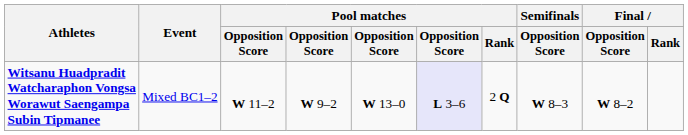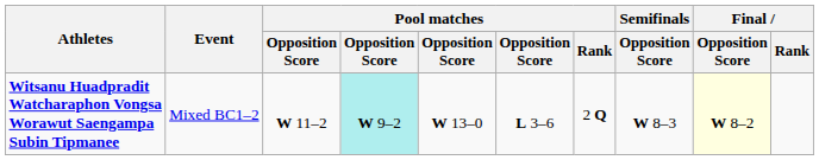 <table class=wikitable style="font-size:90%">
 <tr>
 <th rowspan="2">Athletes</th>
 <th rowspan="2">Event</th>
 <th colspan="5">Pool matches</th>
 <th>Semifinals</th>
 <th colspan=2>Final / </th>
 </tr>
 <tr style="font-size:95%">
 <th>Opposition<br>Score</th>
 <th>Opposition<br>Score</th>
 <th>Opposition<br>Score</th>
 <th>Opposition<br>Score</th>
 <th>Rank</th>
 <th>Opposition<br>Score</th>
 <th>Opposition<br>Score</th>
 <th>Rank</th>
 </tr>
 <tr align=center>
 <td align=left><strong><a href='#'>Witsanu Huadpradit</a> <br> <a href='#'>Watcharaphon Vongsa</a> <br> <a href='#'>Worawut Saengampa</a> <br> <a href='#'>Subin Tipmanee</a></strong></td>
 <td align=left><a href='#'>Mixed BC1–2</a></td>
 <td><br><strong>W</strong> 11–2</td>
-<td><br><strong>W</strong> 9–2</td>
+<td style="background: paleturquoise;"><br><strong>W</strong> 9–2</td>
 <td><br><strong>W</strong> 13–0</td>
-<td style="background: lavender;"><br><strong>L</strong> 3–6</td>
+<td><br><strong>L</strong> 3–6</td>
 <td>2 <strong>Q</strong></td>
 <td><br><strong>W</strong> 8–3</td>
-<td><br><strong>W</strong> 8–2</td>
+<td style="background: lightyellow;"><br><strong>W</strong> 8–2</td>
 <td></td>
 </tr>
 </table>
